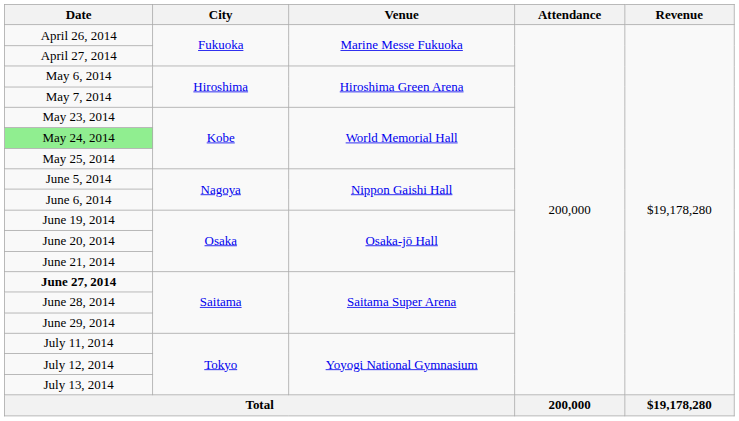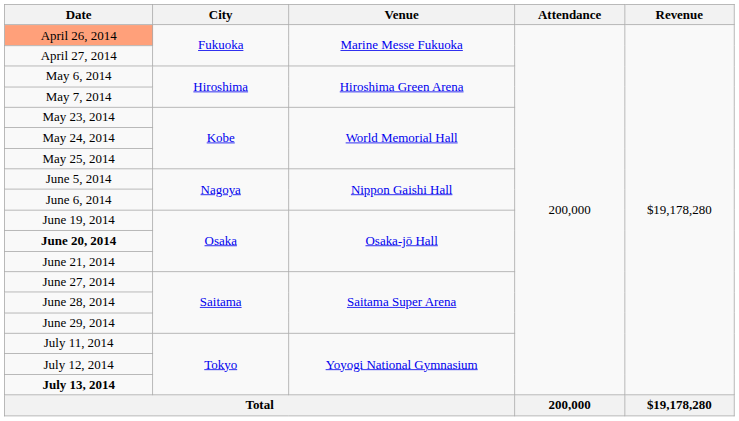 <table class="wikitable plainrowheaders" style="text-align:center;">
 <tr>
 <th scope="col" style="width:11em;">Date</th>
 <th scope="col" style="width:10em;">City</th>
 <th scope="col" style="width:17em;">Venue</th>
 <th scope="col" style="width:8em;">Attendance</th>
 <th scope="col" style="width:8em;">Revenue</th>
 </tr>
 <tr>
-<td>April 26, 2014</td>
+<td style="background: lightsalmon;">April 26, 2014</td>
 <td rowspan="2"><a href='#'>Fukuoka</a></td>
 <td rowspan="2"><a href='#'>Marine Messe Fukuoka</a></td>
 <td rowspan="18">200,000</td>
 <td rowspan="18">$19,178,280</td>
 </tr>
 <tr>
 <td>April 27, 2014</td>
 </tr>
 <tr>
 <td>May 6, 2014</td>
 <td rowspan="2"><a href='#'>Hiroshima</a></td>
 <td rowspan="2"><a href='#'>Hiroshima Green Arena</a></td>
 </tr>
 <tr>
 <td>May 7, 2014</td>
 </tr>
 <tr>
 <td>May 23, 2014</td>
 <td rowspan="3"><a href='#'>Kobe</a></td>
 <td rowspan="3"><a href='#'>World Memorial Hall</a></td>
 </tr>
 <tr>
-<td style="background: lightgreen;">May 24, 2014</td>
+<td>May 24, 2014</td>
 </tr>
 <tr>
 <td>May 25, 2014</td>
 </tr>
 <tr>
 <td>June 5, 2014</td>
 <td rowspan="2"><a href='#'>Nagoya</a></td>
 <td rowspan="2"><a href='#'>Nippon Gaishi Hall</a></td>
 </tr>
 <tr>
 <td>June 6, 2014</td>
 </tr>
 <tr>
 <td>June 19, 2014</td>
 <td rowspan="3"><a href='#'>Osaka</a></td>
 <td rowspan="3"><a href='#'>Osaka-jō Hall</a></td>
 </tr>
 <tr>
-<td>June 20, 2014</td>
+<td><strong>June 20, 2014</strong></td>
 </tr>
 <tr>
 <td>June 21, 2014</td>
 </tr>
 <tr>
-<td><strong>June 27, 2014</strong></td>
+<td>June 27, 2014</td>
 <td rowspan="3"><a href='#'>Saitama</a></td>
 <td rowspan="3"><a href='#'>Saitama Super Arena</a></td>
 </tr>
 <tr>
 <td>June 28, 2014</td>
 </tr>
 <tr>
 <td>June 29, 2014</td>
 </tr>
 <tr>
 <td>July 11, 2014</td>
 <td rowspan="3"><a href='#'>Tokyo</a></td>
 <td rowspan="3"><a href='#'>Yoyogi National Gymnasium</a></td>
 </tr>
 <tr>
 <td>July 12, 2014</td>
 </tr>
 <tr>
-<td>July 13, 2014</td>
+<td><strong>July 13, 2014</strong></td>
 </tr>
 <tr>
 <th colspan="3"><strong>Total</strong></th>
 <th>200,000</th>
 <th>$19,178,280</th>
 </tr>
 </table>
